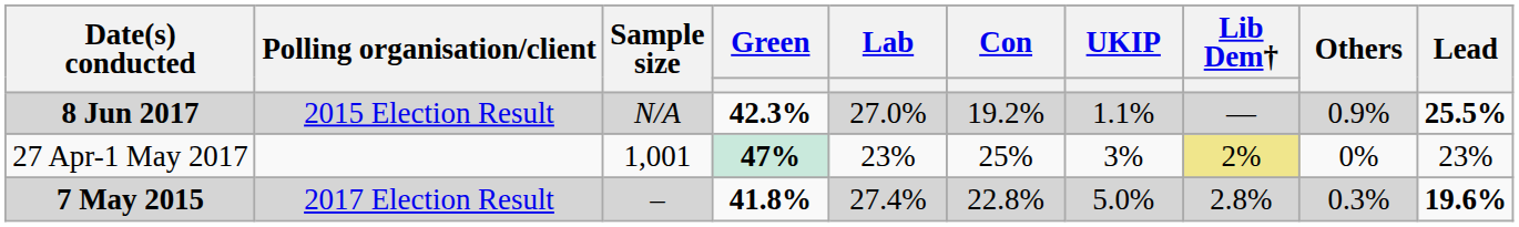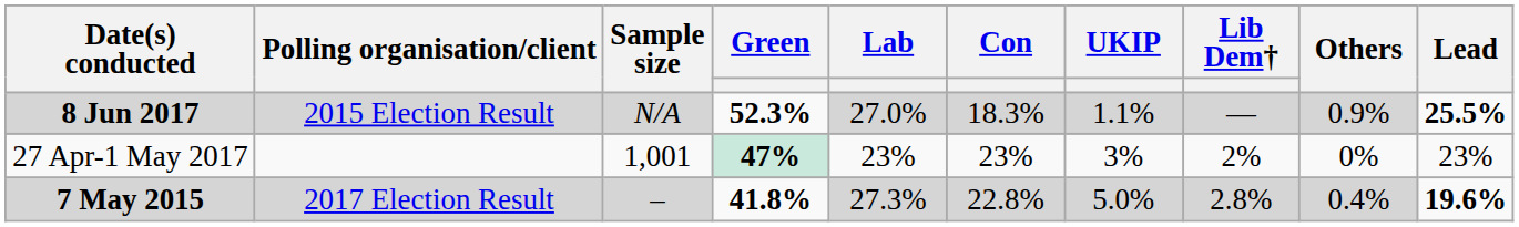 <table class="wikitable sortable mw-datatable" style="text-align:center;font-size:90%;line-height:14px;">
 <tr>
 <th rowspan="2">Date(s)<br>conducted</th>
 <th rowspan="2">Polling organisation/client</th>
 <th rowspan="2">Sample<br>size</th>
 <th style="width:50px;" class="unsortable"><a href='#'>Green</a></th>
 <th style="width:50px;" class="unsortable"><a href='#'>Lab</a></th>
 <th style="width:50px;" class="unsortable"><a href='#'>Con</a></th>
 <th style="width:50px;" class="unsortable"><a href='#'>UKIP</a></th>
 <th style="width:50px;" class="unsortable"><a href='#'>Lib Dem</a>†</th>
 <th style="width:50px;" rowspan="2" class="unsortable">Others</th>
 <th class="unsortable" style="width:20px;" rowspan="2">Lead</th>
 </tr>
 <tr>
 <th class="unsortable" style="color:inherit;background:"></th>
 <th class="unsortable" style="color:inherit;background:"></th>
 <th class="unsortable" style="color:inherit;background:"></th>
 <th class="unsortable" style="color:inherit;background:"></th>
 <th class="unsortable" style="color:inherit;background:"></th>
 </tr>
 <tr>
 <td style="background:#D5D5D5"><strong>8 Jun 2017</strong></td>
 <td style="background:#D5D5D5"><a href='#'>2015 Election Result</a></td>
 <td style="background:#D5D5D5"><em>N/A</em></td>
-<td style="background:"><strong>42.3%</strong></td>
+<td style="background:"><strong>52.3%</strong></td>
 <td style="background:#D5D5D5">27.0%</td>
-<td style="background:#D5D5D5">19.2%</td>
+<td style="background:#D5D5D5">18.3%</td>
 <td style="background:#D5D5D5">1.1%</td>
 <td style="background:#D5D5D5">—</td>
 <td style="background:#D5D5D5">0.9%</td>
 <td style="background:"><strong>25.5%</strong></td>
 </tr>
 <tr>
 <td rowspan=1>27 Apr-1 May 2017</td>
 <td rowspan=1></td>
 <td rowspan=1>1,001</td>
 <td style="background:#C9E9DC"><strong>47%</strong></td>
 <td>23%</td>
-<td>25%</td>
+<td>23%</td>
 <td>3%</td>
-<td style="background: khaki;">2%</td>
+<td>2%</td>
 <td>0%</td>
 <td style="background:">23%</td>
 </tr>
 <tr>
 <td style="background:#D5D5D5"><strong>7 May 2015</strong></td>
 <td style="background:#D5D5D5"><a href='#'>2017 Election Result</a></td>
 <td style="background:#D5D5D5">–</td>
 <td style="background:"><strong>41.8%</strong></td>
-<td style="background:#D5D5D5">27.4%</td>
+<td style="background:#D5D5D5">27.3%</td>
 <td style="background:#D5D5D5">22.8%</td>
 <td style="background:#D5D5D5">5.0%</td>
 <td style="background:#D5D5D5">2.8%</td>
-<td style="background:#D5D5D5">0.3%</td>
+<td style="background:#D5D5D5">0.4%</td>
 <td style="background:"><strong>19.6%</strong></td>
 </tr>
 </table>
